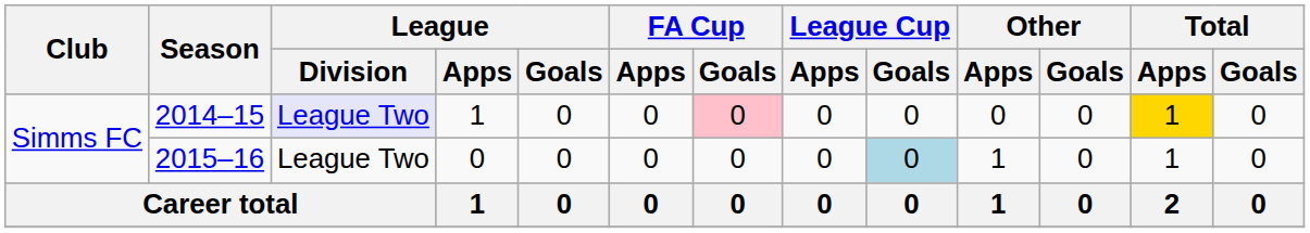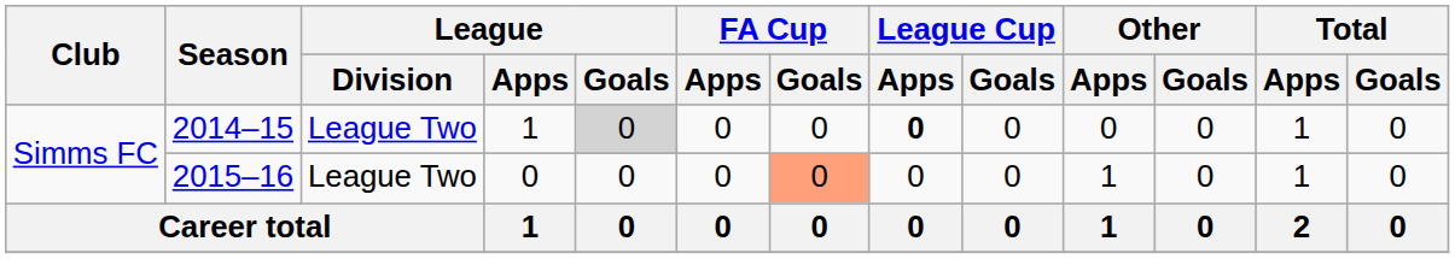 <table class="wikitable" style="text-align: center;">
 <tr>
 <th rowspan="2">Club</th>
 <th rowspan="2">Season</th>
 <th colspan="3">League</th>
 <th colspan="2"><a href='#'>FA Cup</a></th>
 <th colspan="2"><a href='#'>League Cup</a></th>
 <th colspan="2">Other</th>
 <th colspan="2">Total</th>
 </tr>
 <tr>
 <th>Division</th>
 <th>Apps</th>
 <th>Goals</th>
 <th>Apps</th>
 <th>Goals</th>
 <th>Apps</th>
 <th>Goals</th>
 <th>Apps</th>
 <th>Goals</th>
 <th>Apps</th>
 <th>Goals</th>
 </tr>
 <tr>
 <td rowspan="2" valign="center"><a href='#'>Simms FC</a></td>
 <td><a href='#'>2014–15</a></td>
-<td style="background: lavender;"><a href='#'>League Two</a></td>
+<td><a href='#'>League Two</a></td>
 <td>1</td>
+<td style="background: lightgrey;">0</td>
 <td>0</td>
 <td>0</td>
-<td style="background: pink;">0</td>
+<td><strong>0</strong></td>
 <td>0</td>
 <td>0</td>
 <td>0</td>
-<td>0</td>
-<td style="background: gold;">1</td>
+<td>1</td>
 <td>0</td>
 </tr>
 <tr>
 <td><a href='#'>2015–16</a></td>
 <td>League Two</td>
 <td>0</td>
 <td>0</td>
 <td>0</td>
+<td style="background: lightsalmon;">0</td>
 <td>0</td>
 <td>0</td>
-<td style="background: lightblue;">0</td>
 <td>1</td>
 <td>0</td>
 <td>1</td>
 <td>0</td>
 </tr>
 <tr>
 <th colspan="3">Career total</th>
 <th>1</th>
 <th>0</th>
 <th>0</th>
 <th>0</th>
 <th>0</th>
 <th>0</th>
 <th>1</th>
 <th>0</th>
 <th>2</th>
 <th>0</th>
 </tr>
 <tr>
 </tr>
 </table>
